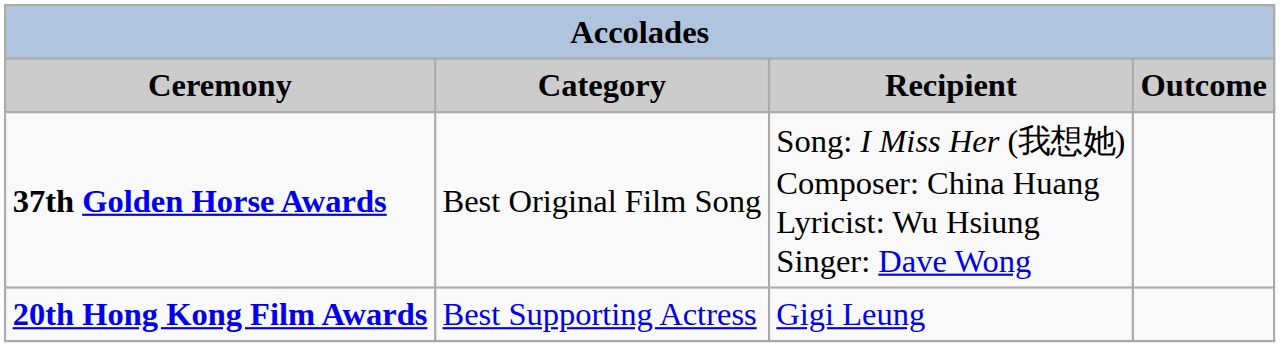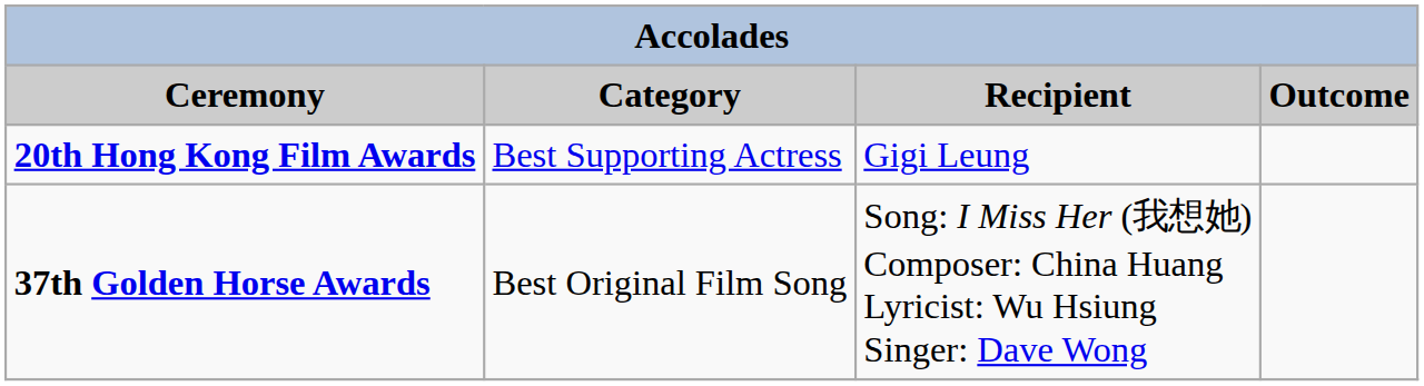 <table class="wikitable" style="font-size:95%;" ;>
 <tr style="background:#ccc; text-align:center;">
 <th colspan="4" style="background: LightSteelBlue;">Accolades</th>
 </tr>
 <tr style="background:#ccc; text-align:center;">
 <th style="background:#ccc">Ceremony</th>
 <th style="background:#ccc">Category</th>
 <th style="background:#ccc">Recipient</th>
 <th style="background:#ccc">Outcome</th>
 </tr>
 <tr>
+<td><strong><a href='#'>20th Hong Kong Film Awards</a></strong></td>
+<td><a href='#'>Best Supporting Actress</a></td>
+<td><a href='#'>Gigi Leung</a></td>
+<td></td>
+</tr>
+<tr>
 <td><strong>37th <a href='#'>Golden Horse Awards</a></strong></td>
 <td>Best Original Film Song</td>
 <td>Song: <em>I Miss Her</em> (我想她)<br>Composer: China Huang <br>Lyricist: Wu Hsiung <br>Singer: <a href='#'>Dave Wong</a></td>
 <td></td>
 </tr>
 <tr>
-<td><strong><a href='#'>20th Hong Kong Film Awards</a></strong></td>
-<td><a href='#'>Best Supporting Actress</a></td>
-<td><a href='#'>Gigi Leung</a></td>
-<td></td>
-</tr>
-<tr>
 </tr>
 </table>
